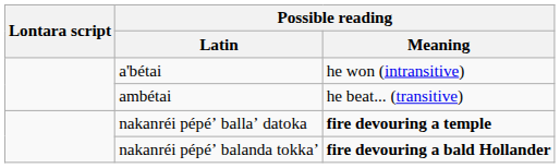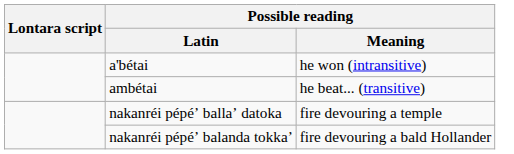 <table class="wikitable">
 <tr>
 <th rowspan=2 style="text-align: center">Lontara script</th>
 <th colspan=2 style="text-align: center">Possible reading</th>
 </tr>
 <tr>
 <th style="text-align: center">Latin</th>
 <th style="text-align: center">Meaning</th>
 </tr>
 <tr>
 <td rowspan=2 style="text-align: center"></td>
 <td>a'bétai</td>
 <td>he won (<a href='#'>intransitive</a>)</td>
 </tr>
 <tr>
 <td>ambétai</td>
 <td>he beat... (<a href='#'>transitive</a>)</td>
 </tr>
 <tr>
 <td rowspan=2 style="text-align: center"></td>
 <td>nakanréi pépéʼ ballaʼ datoka</td>
-<td><strong>fire devouring a temple</strong></td>
+<td>fire devouring a temple</td>
 </tr>
 <tr>
 <td>nakanréi pépéʼ balanda tokkaʼ</td>
-<td><strong>fire devouring a bald Hollander</strong></td>
+<td>fire devouring a bald Hollander</td>
 </tr>
 </table>
